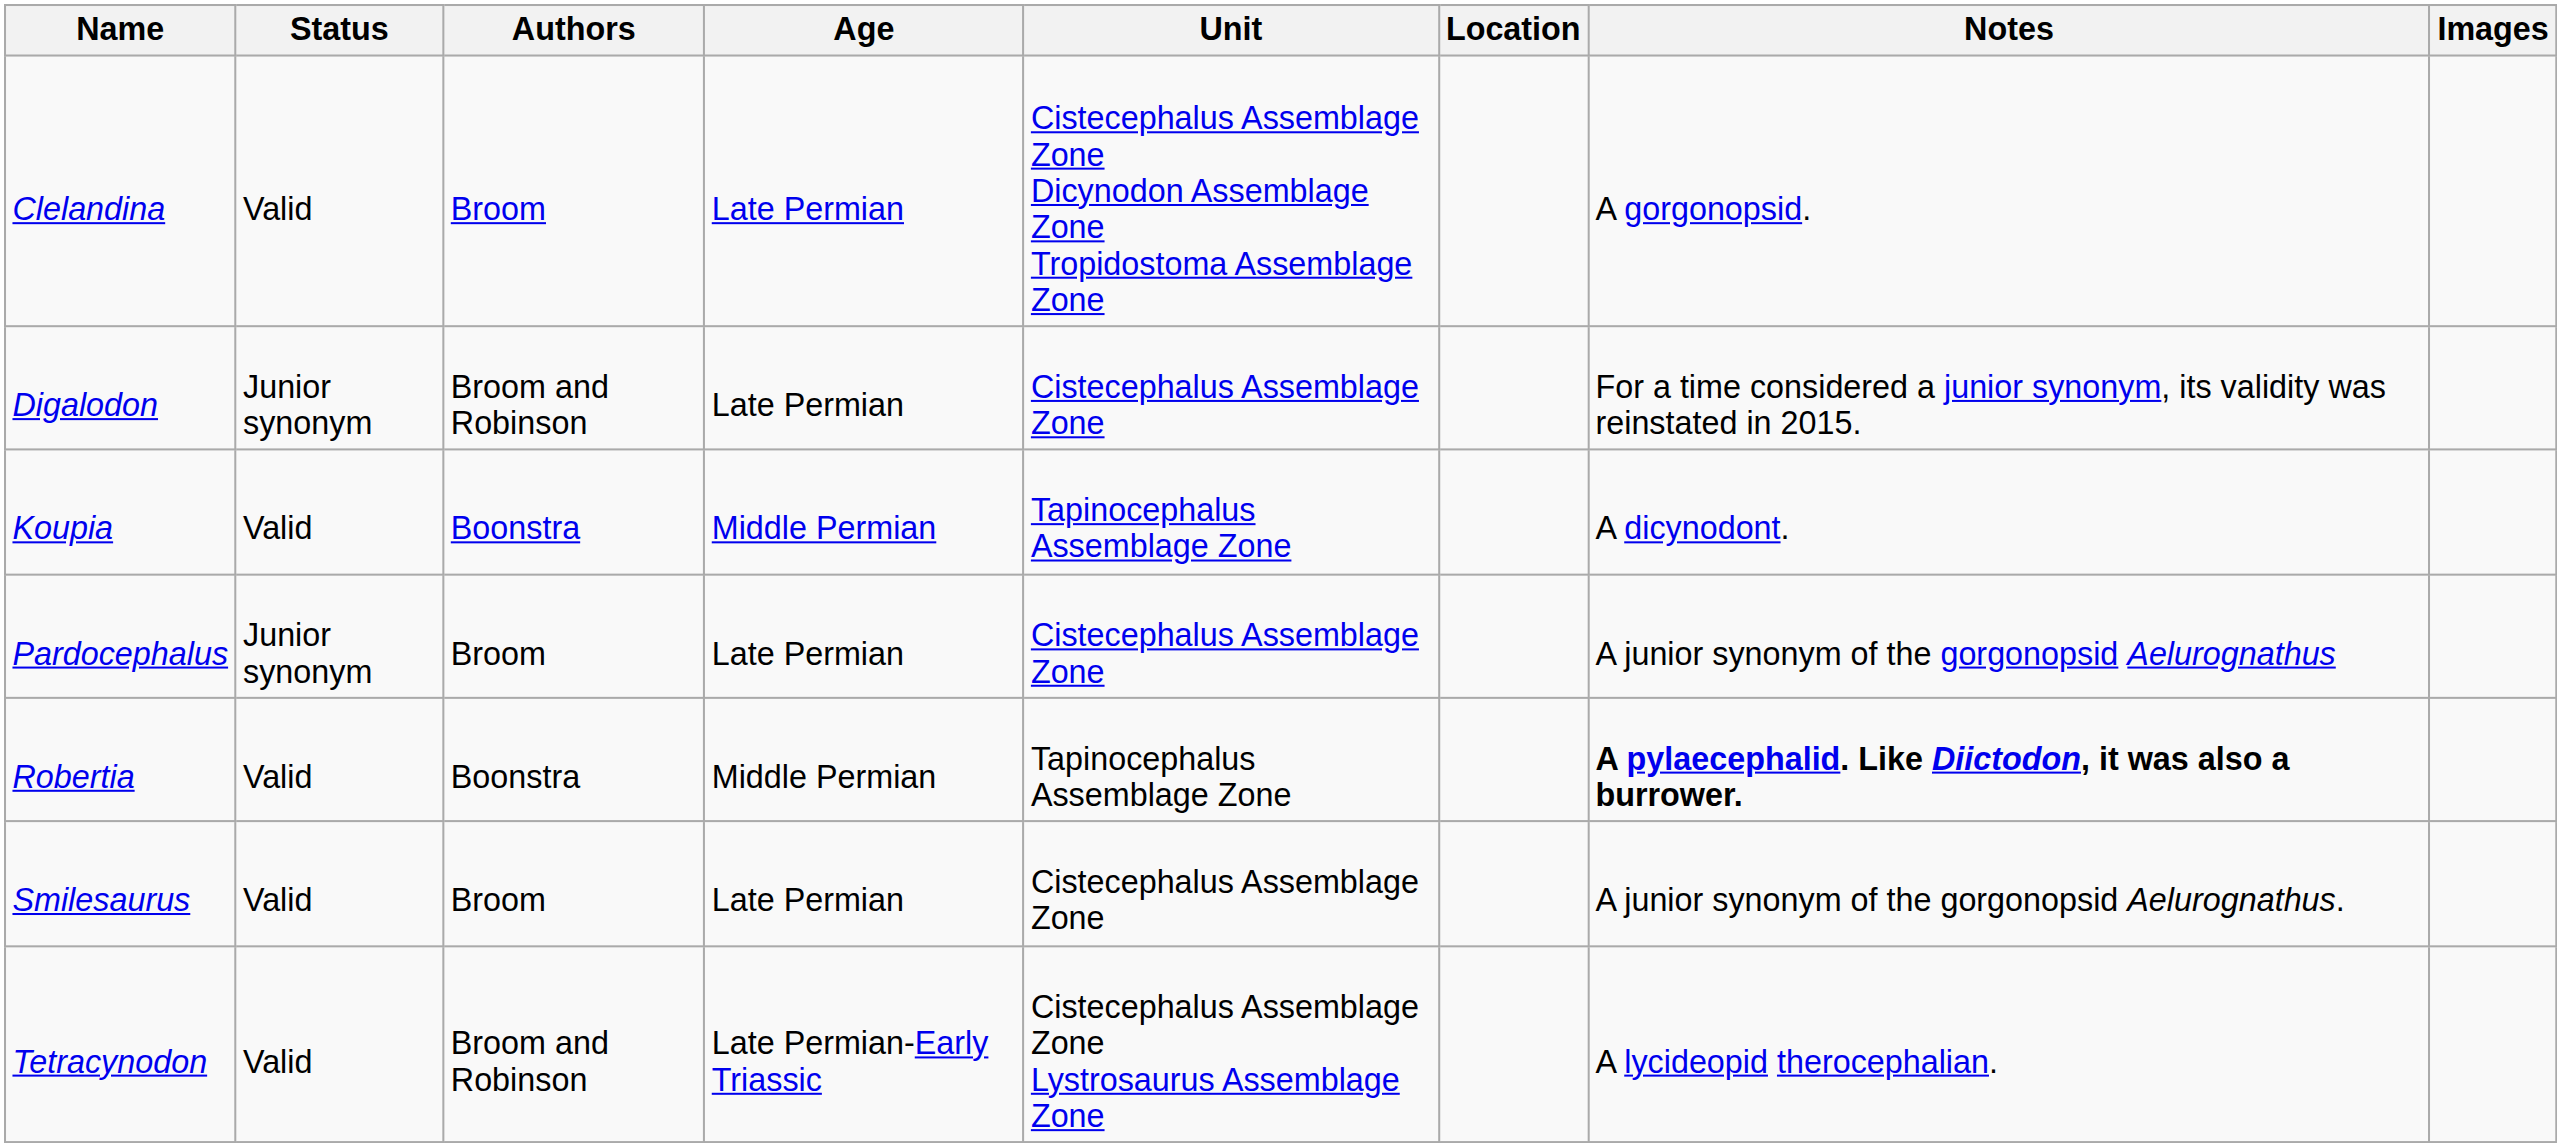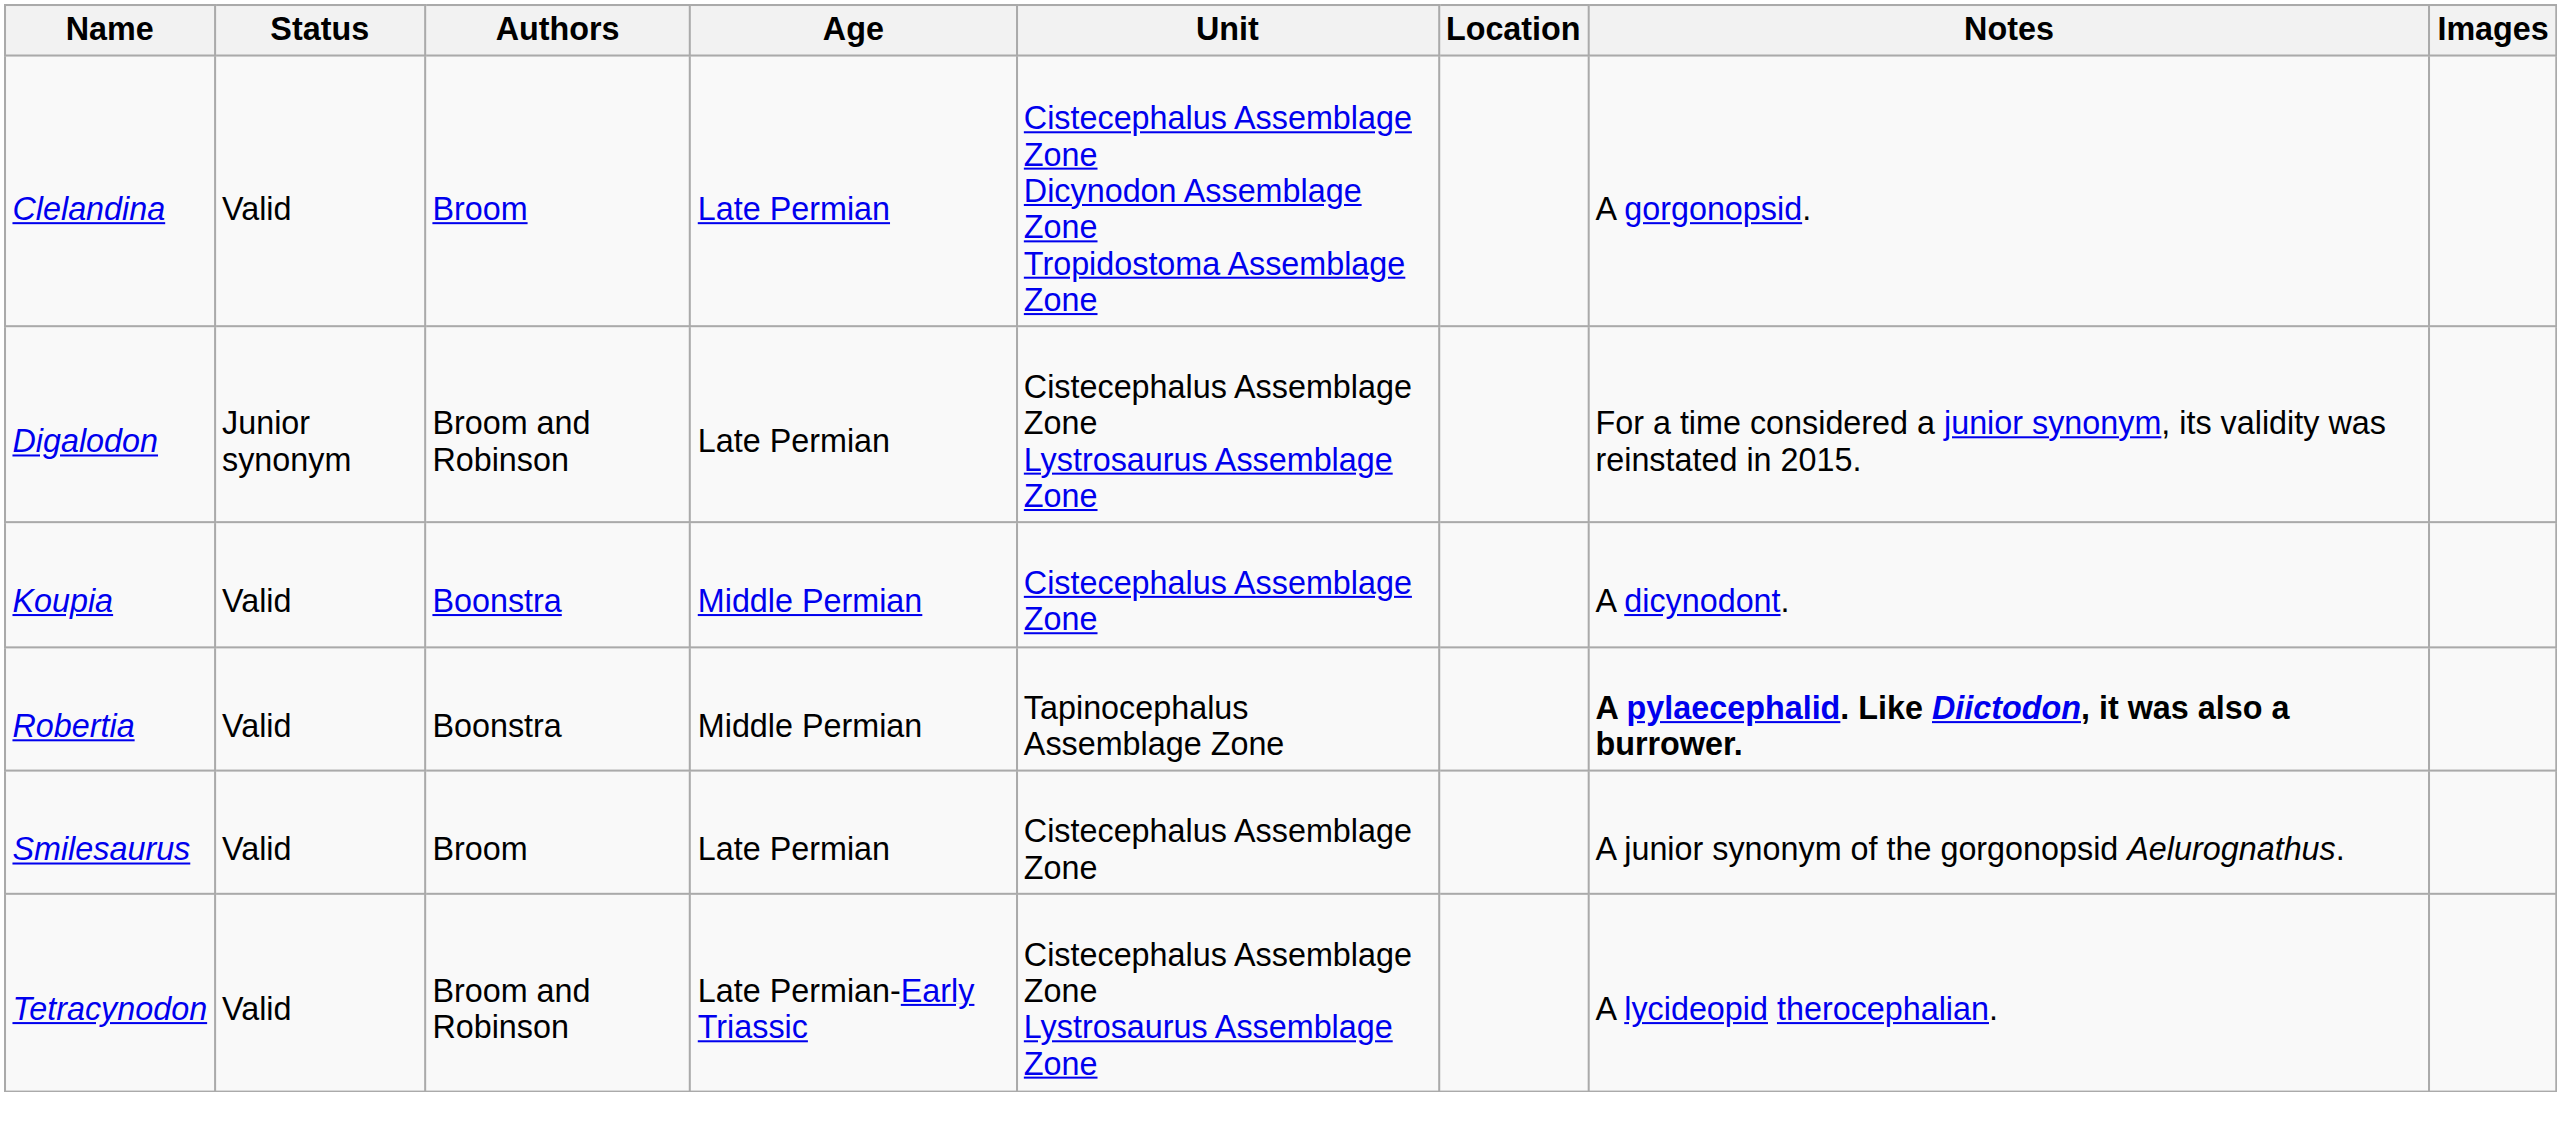 <table class="wikitable sortable" align="center" width="100%">
 <tr>
 <th>Name</th>
 <th>Status</th>
 <th>Authors</th>
 <th>Age</th>
 <th>Unit</th>
 <th>Location</th>
 <th width="33%" class="unsortable">Notes</th>
 <th class="unsortable">Images</th>
 </tr>
 <tr>
 <td><br><em><a href='#'>Clelandina</a></em></td>
 <td><br>Valid</td>
 <td><br><a href='#'>Broom</a></td>
 <td><br><a href='#'>Late Permian</a></td>
 <td><br><a href='#'>Cistecephalus Assemblage Zone</a> <br> <a href='#'>Dicynodon Assemblage Zone</a> <br> <a href='#'>Tropidostoma Assemblage Zone</a></td>
 <td><br></td>
 <td><br>A <a href='#'>gorgonopsid</a>.</td>
 <td></td>
 </tr>
 <tr>
 <td><br><em><a href='#'>Digalodon</a></em></td>
 <td><br>Junior synonym</td>
 <td><br>Broom and Robinson</td>
 <td><br>Late Permian</td>
-<td><br><a href='#'>Cistecephalus Assemblage Zone</a></td>
+<td><br>Cistecephalus Assemblage Zone <br> <a href='#'>Lystrosaurus Assemblage Zone</a></td>
 <td><br> <br> </td>
 <td><br>For a time considered a <a href='#'>junior synonym</a>, its validity was reinstated in 2015.</td>
 <td></td>
 </tr>
 <tr>
 <td><br><em><a href='#'>Koupia</a></em></td>
 <td><br>Valid</td>
 <td><br><a href='#'>Boonstra</a></td>
 <td><br><a href='#'>Middle Permian</a></td>
-<td><br><a href='#'>Tapinocephalus Assemblage Zone</a></td>
+<td><br><a href='#'>Cistecephalus Assemblage Zone</a></td>
 <td><br></td>
 <td><br>A <a href='#'>dicynodont</a>.</td>
-<td></td>
-</tr>
-<tr>
-<td><br><em><a href='#'>Pardocephalus</a></em></td>
-<td><br>Junior synonym</td>
-<td><br>Broom</td>
-<td><br>Late Permian</td>
-<td><br><a href='#'>Cistecephalus Assemblage Zone</a></td>
-<td><br></td>
-<td><br>A junior synonym of the <a href='#'>gorgonopsid</a> <em><a href='#'>Aelurognathus</a></em></td>
 <td></td>
 </tr>
 <tr>
 <td><br><em><a href='#'>Robertia</a></em></td>
 <td><br>Valid</td>
 <td><br>Boonstra</td>
 <td><br>Middle Permian</td>
 <td><br>Tapinocephalus Assemblage Zone</td>
 <td><br></td>
 <td><strong><br>A <a href='#'>pylaecephalid</a>. Like <em><a href='#'>Diictodon</a></em>, it was also a burrower.</strong></td>
 <td></td>
 </tr>
 <tr>
 <td><br><em><a href='#'>Smilesaurus</a></em></td>
 <td><br>Valid</td>
 <td><br>Broom</td>
 <td><br>Late Permian</td>
 <td><br>Cistecephalus Assemblage Zone</td>
 <td><br></td>
 <td><br>A junior synonym of the gorgonopsid <em>Aelurognathus</em>.</td>
 <td></td>
 </tr>
 <tr>
 <td><br><em><a href='#'>Tetracynodon</a></em></td>
 <td><br>Valid</td>
 <td><br>Broom and Robinson</td>
 <td><br>Late Permian-<a href='#'>Early Triassic</a></td>
 <td><br>Cistecephalus Assemblage Zone <br> <a href='#'>Lystrosaurus Assemblage Zone</a></td>
 <td><br></td>
 <td><br>A <a href='#'>lycideopid</a> <a href='#'>therocephalian</a>.</td>
 <td></td>
 </tr>
 <tr>
 </tr>
 </table>
